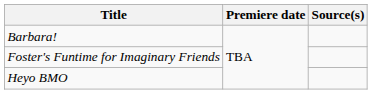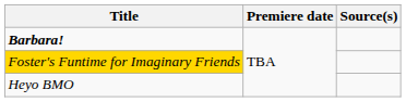 <table class="wikitable sortable">
 <tr>
 <th>Title</th>
 <th>Premiere date</th>
 <th>Source(s)</th>
 </tr>
 <tr>
-<td><em>Barbara!</em></td>
+<td><strong><em>Barbara!</em></strong></td>
 <td rowspan="3">TBA</td>
 <td></td>
 </tr>
 <tr>
-<td><em>Foster's Funtime for Imaginary Friends</em></td>
+<td style="background: gold;"><em>Foster's Funtime for Imaginary Friends</em></td>
 <td></td>
 </tr>
 <tr>
 <td><em>Heyo BMO</em></td>
 <td></td>
 </tr>
 </table>
